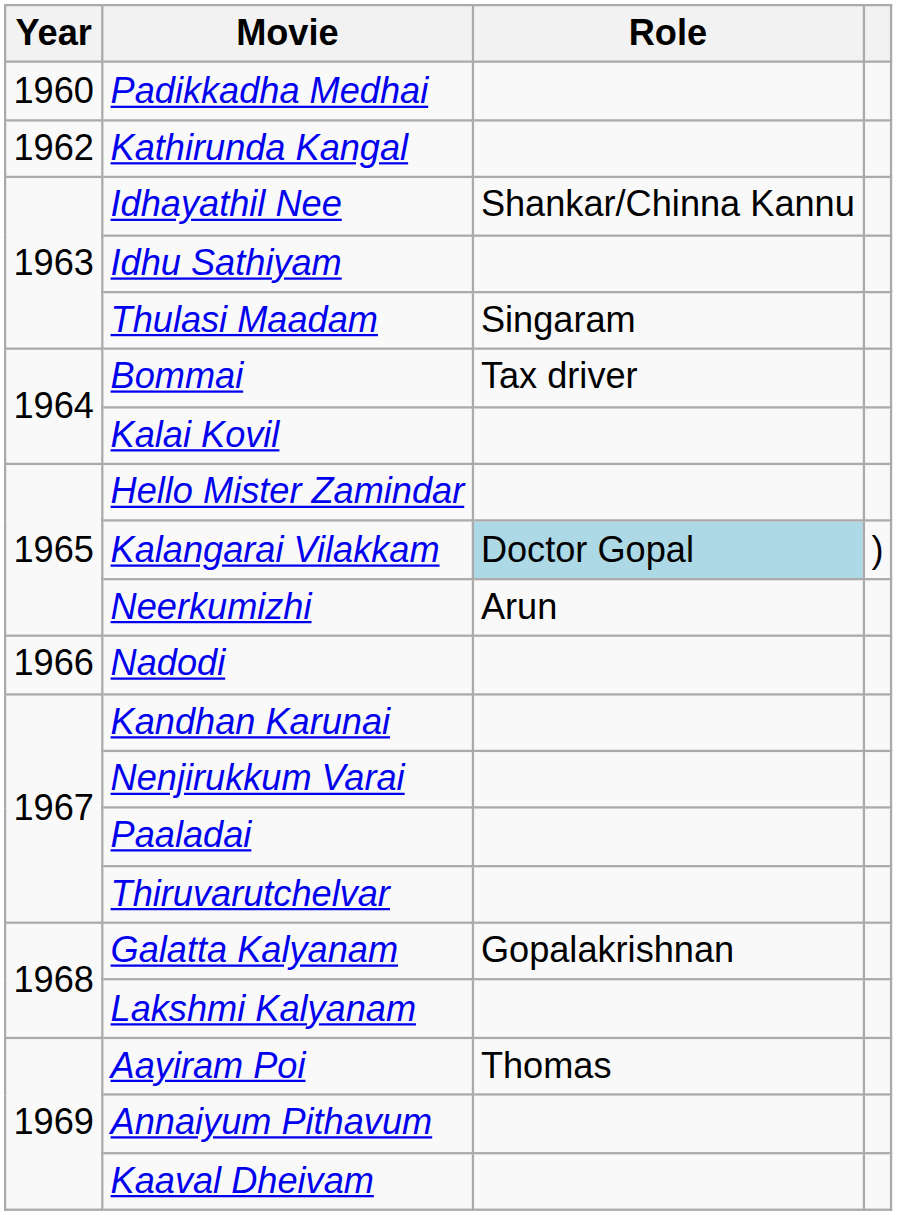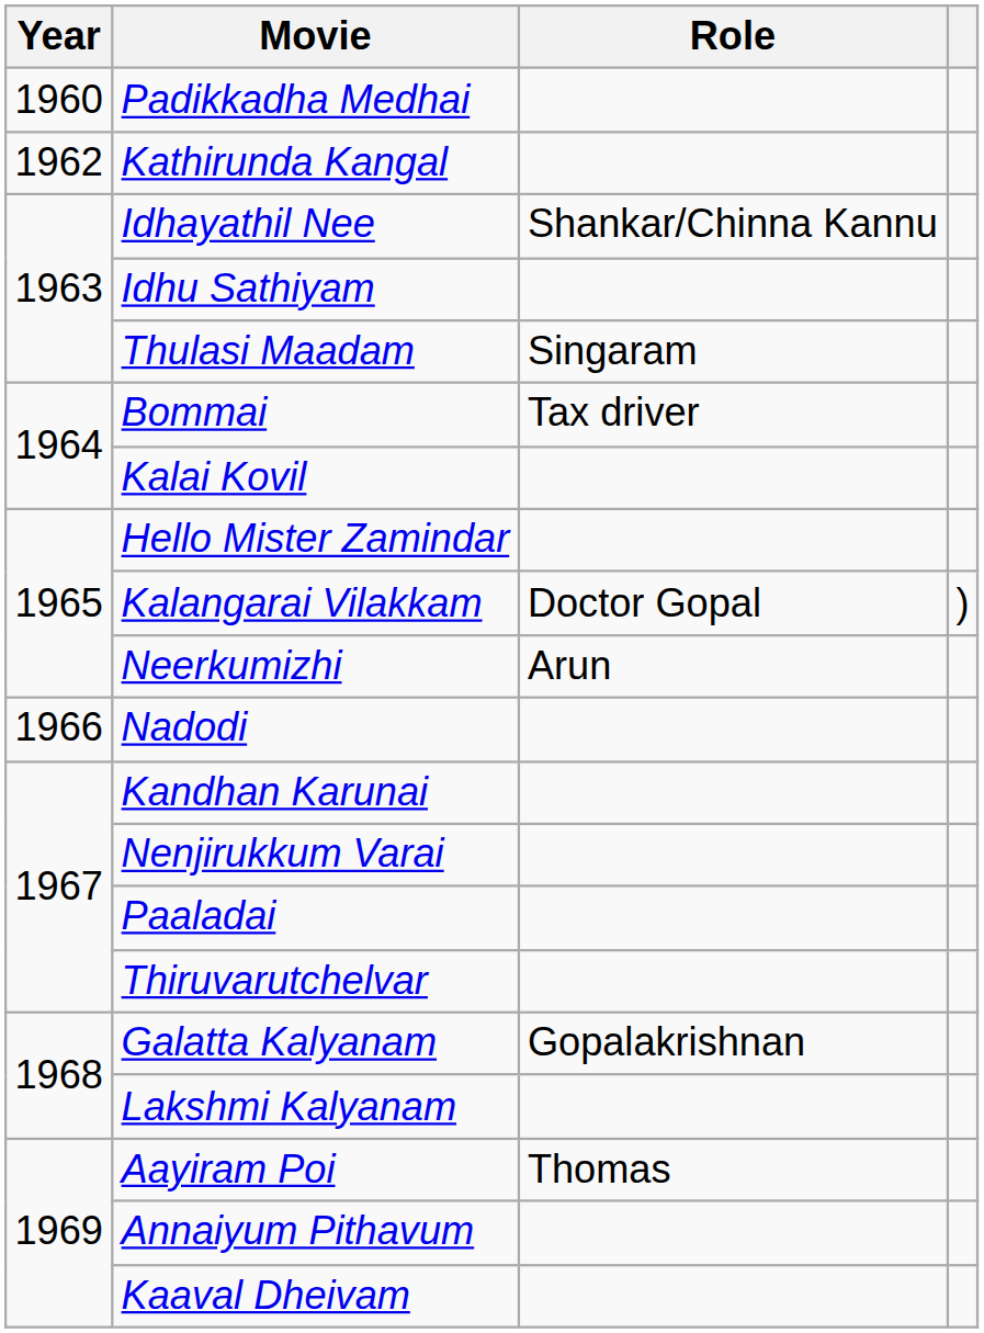 <table class="wikitable">
 <tr>
 <th>Year</th>
 <th>Movie</th>
 <th>Role</th>
 <th class="unsortable"></th>
 </tr>
 <tr>
 <td>1960</td>
 <td><em><a href='#'>Padikkadha Medhai</a></em></td>
 <td></td>
 <td></td>
 </tr>
 <tr>
 <td>1962</td>
 <td><em><a href='#'>Kathirunda Kangal</a></em></td>
 <td></td>
 <td></td>
 </tr>
 <tr>
 <td rowspan=3>1963</td>
 <td><em><a href='#'>Idhayathil Nee</a></em></td>
 <td>Shankar/Chinna Kannu</td>
 <td></td>
 </tr>
 <tr>
 <td><em><a href='#'>Idhu Sathiyam</a></em></td>
 <td></td>
 <td></td>
 </tr>
 <tr>
 <td><em><a href='#'>Thulasi Maadam</a></em></td>
 <td>Singaram</td>
 <td></td>
 </tr>
 <tr>
 <td rowspan=2>1964</td>
 <td><em><a href='#'>Bommai</a></em></td>
 <td>Tax driver</td>
 <td></td>
 </tr>
 <tr>
 <td><em><a href='#'>Kalai Kovil</a></em></td>
 <td></td>
 <td></td>
 </tr>
 <tr>
 <td rowspan=3>1965</td>
 <td><em><a href='#'>Hello Mister Zamindar</a></em></td>
 <td></td>
 <td></td>
 </tr>
 <tr>
 <td><em><a href='#'>Kalangarai Vilakkam</a></em></td>
-<td style="background: lightblue;">Doctor Gopal</td>
+<td>Doctor Gopal</td>
 <td>)</td>
 </tr>
 <tr>
 <td><em><a href='#'>Neerkumizhi</a></em></td>
 <td>Arun</td>
 <td></td>
 </tr>
 <tr>
 <td>1966</td>
 <td><em><a href='#'>Nadodi</a></em></td>
 <td></td>
 <td></td>
 </tr>
 <tr>
 <td rowspan=4>1967</td>
 <td><em><a href='#'>Kandhan Karunai</a></em></td>
 <td></td>
 <td></td>
 </tr>
 <tr>
 <td><em><a href='#'>Nenjirukkum Varai</a></em></td>
 <td></td>
 <td></td>
 </tr>
 <tr>
 <td><em><a href='#'>Paaladai</a></em></td>
 <td></td>
 <td></td>
 </tr>
 <tr>
 <td><em><a href='#'>Thiruvarutchelvar</a></em></td>
 <td></td>
 <td></td>
 </tr>
 <tr>
 <td rowspan=2>1968</td>
 <td><em><a href='#'>Galatta Kalyanam</a></em></td>
 <td>Gopalakrishnan</td>
 <td></td>
 </tr>
 <tr>
 <td><em><a href='#'>Lakshmi Kalyanam</a></em></td>
 <td></td>
 <td></td>
 </tr>
 <tr>
 <td rowspan=3>1969</td>
 <td><em><a href='#'>Aayiram Poi</a></em></td>
 <td>Thomas</td>
 <td></td>
 </tr>
 <tr>
 <td><em><a href='#'>Annaiyum Pithavum </a></em></td>
 <td></td>
 <td></td>
 </tr>
 <tr>
 <td><em><a href='#'>Kaaval Dheivam </a></em></td>
 <td></td>
 <td></td>
 </tr>
 </table>
